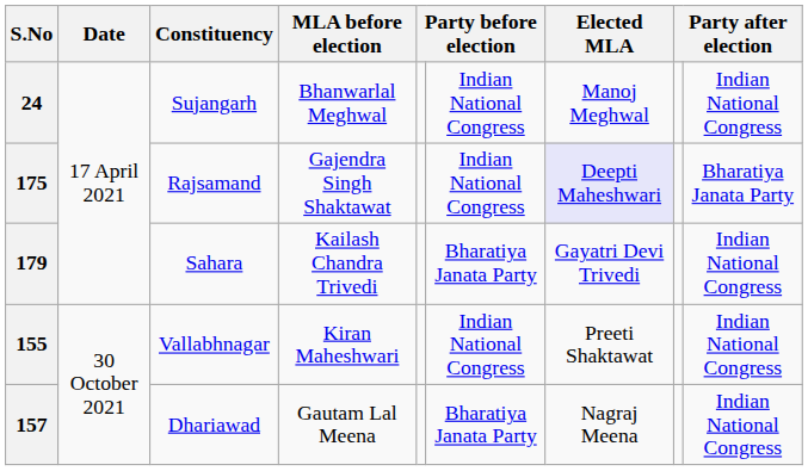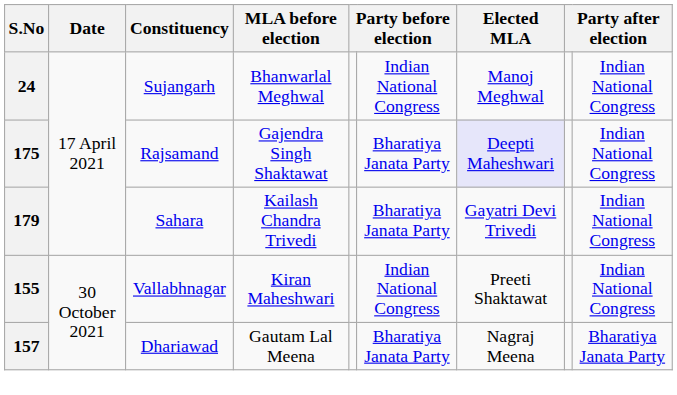 <table class="wikitable sortable" style="text-align:center;">
 <tr>
 <th>S.No</th>
 <th>Date</th>
 <th>Constituency</th>
 <th>MLA before election</th>
 <th colspan="2">Party before election</th>
 <th>Elected MLA</th>
 <th colspan="2">Party after election</th>
 </tr>
 <tr>
 <th>24</th>
 <td rowspan="3">17 April 2021</td>
 <td><a href='#'>Sujangarh</a></td>
 <td><a href='#'>Bhanwarlal Meghwal</a></td>
 <td></td>
 <td><a href='#'>Indian National Congress</a></td>
 <td><a href='#'>Manoj Meghwal</a></td>
 <td></td>
 <td><a href='#'>Indian National Congress</a></td>
 </tr>
 <tr>
 <th>175</th>
 <td><a href='#'>Rajsamand</a></td>
 <td><a href='#'>Gajendra Singh Shaktawat</a></td>
 <td></td>
-<td><a href='#'>Indian National Congress</a></td>
+<td><a href='#'>Bharatiya Janata Party</a></td>
 <td style="background: lavender;"><a href='#'>Deepti Maheshwari</a></td>
 <td></td>
-<td><a href='#'>Bharatiya Janata Party</a></td>
+<td><a href='#'>Indian National Congress</a></td>
 </tr>
 <tr>
 <th>179</th>
 <td><a href='#'>Sahara</a></td>
 <td><a href='#'>Kailash Chandra Trivedi</a></td>
 <td></td>
 <td><a href='#'>Bharatiya Janata Party</a></td>
 <td><a href='#'>Gayatri Devi Trivedi</a></td>
 <td></td>
 <td><a href='#'>Indian National Congress</a></td>
 </tr>
 <tr>
 <th>155</th>
 <td rowspan="2">30 October 2021</td>
 <td><a href='#'>Vallabhnagar</a></td>
 <td><a href='#'>Kiran Maheshwari</a></td>
 <td></td>
 <td><a href='#'>Indian National Congress</a></td>
 <td>Preeti Shaktawat</td>
 <td></td>
 <td><a href='#'>Indian National Congress</a></td>
 </tr>
 <tr>
 <th>157</th>
 <td><a href='#'>Dhariawad</a></td>
 <td>Gautam Lal Meena</td>
 <td></td>
 <td><a href='#'>Bharatiya Janata Party</a></td>
 <td>Nagraj Meena</td>
 <td></td>
-<td><a href='#'>Indian National Congress</a></td>
+<td><a href='#'>Bharatiya Janata Party</a></td>
 </tr>
 </table>
